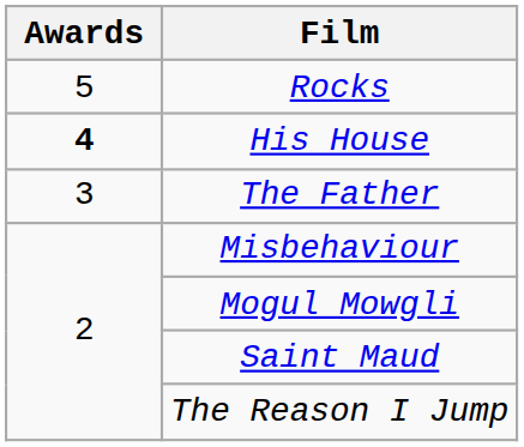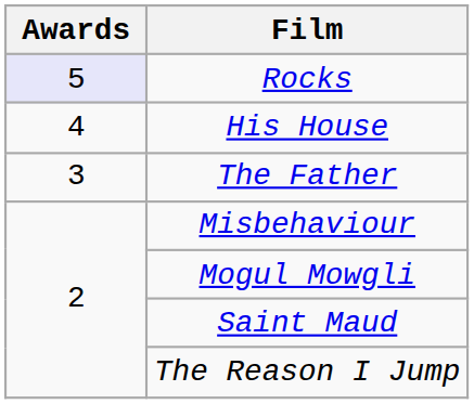 <table class="wikitable plainrowheaders" style="text-align:center;">
 <tr>
 <th scope="col" style="width:55px;">Awards</th>
 <th scope="col" style="text-align:center;">Film</th>
 </tr>
 <tr>
-<td scope=row style="text-align:center">5</td>
+<td scope=row style="background: lavender; text-align:center">5</td>
 <td><em><a href='#'>Rocks</a></em></td>
 </tr>
 <tr>
-<td scope=row style="text-align:center"><strong>4</strong></td>
+<td scope=row style="text-align:center">4</td>
 <td><em><a href='#'>His House</a></em></td>
 </tr>
 <tr>
 <td scope=row style="text-align:center">3</td>
 <td><em><a href='#'>The Father</a></em></td>
 </tr>
 <tr>
 <td rowspan="4" scope=row style="text-align:center">2</td>
 <td><em><a href='#'>Misbehaviour</a></em></td>
 </tr>
 <tr>
 <td><em><a href='#'>Mogul Mowgli</a></em></td>
 </tr>
 <tr>
 <td><em><a href='#'>Saint Maud</a></em></td>
 </tr>
 <tr>
 <td><em>The Reason I Jump</em></td>
 </tr>
 </table>
